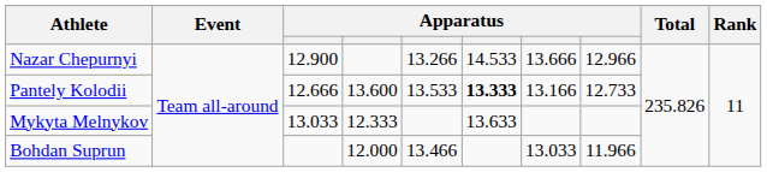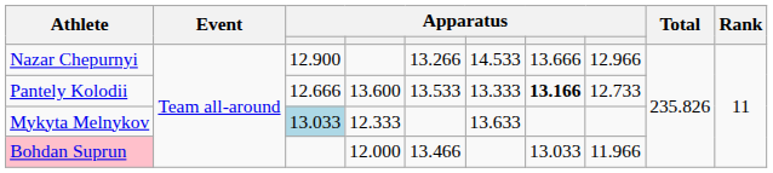 <table class="wikitable" style="font-size:90%">
 <tr>
 <th rowspan=2>Athlete</th>
 <th rowspan=2>Event</th>
 <th colspan=6>Apparatus</th>
 <th rowspan=2>Total</th>
 <th rowspan=2>Rank</th>
 </tr>
 <tr style="font-size:95%">
 <th></th>
 <th></th>
 <th></th>
 <th></th>
 <th></th>
 <th></th>
 </tr>
 <tr align=center>
 <td align=left><a href='#'>Nazar Chepurnyi</a></td>
 <td align=left rowspan=4><a href='#'>Team all-around</a></td>
 <td>12.900</td>
 <td></td>
 <td>13.266</td>
 <td>14.533</td>
 <td>13.666</td>
 <td>12.966</td>
 <td rowspan="4">235.826</td>
 <td rowspan="4">11</td>
 </tr>
 <tr align=center>
 <td align=left><a href='#'>Pantely Kolodii</a></td>
 <td>12.666</td>
 <td>13.600</td>
 <td>13.533</td>
-<td><strong>13.333</strong></td>
-<td>13.166</td>
+<td>13.333</td>
+<td><strong>13.166</strong></td>
 <td>12.733</td>
 </tr>
 <tr align=center>
 <td align=left><a href='#'>Mykyta Melnykov</a></td>
-<td>13.033</td>
+<td style="background: lightblue;">13.033</td>
 <td>12.333</td>
 <td></td>
 <td>13.633</td>
 <td></td>
 <td></td>
 </tr>
 <tr align=center>
-<td align=left><a href='#'>Bohdan Suprun</a></td>
+<td align=left style="background: pink;"><a href='#'>Bohdan Suprun</a></td>
 <td></td>
 <td>12.000</td>
 <td>13.466</td>
 <td></td>
 <td>13.033</td>
 <td>11.966</td>
 </tr>
 </table>
